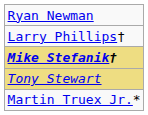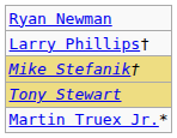 <table class="wikitable" style="float:left;">
 <tr>
 <td><a href='#'>Ryan Newman</a></td>
 </tr>
 <tr>
 <td><a href='#'>Larry Phillips</a>†</td>
 </tr>
 <tr>
-<td style="background:#eedd82"><strong><em><a href='#'>Mike Stefanik</a>†</em></strong></td>
+<td style="background:#eedd82"><em><a href='#'>Mike Stefanik</a>†</em></td>
 </tr>
 <tr>
 <td style="background:#eedd82"><em><a href='#'>Tony Stewart</a></em></td>
 </tr>
 <tr>
 <td><a href='#'>Martin Truex Jr.</a>*</td>
 </tr>
 <tr>
 </tr>
 </table>
